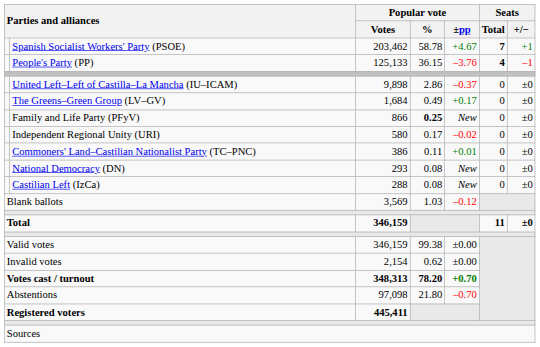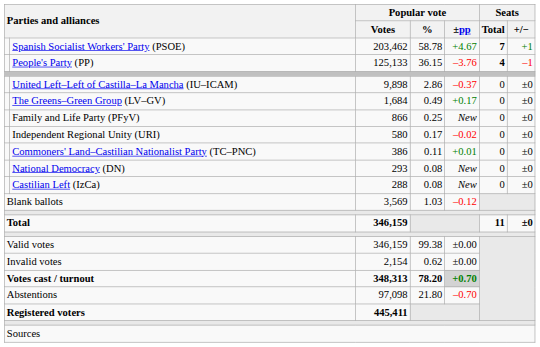 <table class="wikitable" style="text-align:right;">
 <tr>
 <th style="text-align:left;" rowspan="2" colspan="2" width="525">Parties and alliances</th>
 <th colspan="3">Popular vote</th>
 <th colspan="2">Seats</th>
 </tr>
 <tr>
 <th width="75">Votes</th>
 <th width="45">%</th>
 <th width="45">±<a href='#'>pp</a></th>
 <th width="35">Total</th>
 <th width="35">+/−</th>
 </tr>
 <tr>
 <td width="1" style="color:inherit;background:"></td>
 <td align="left"><a href='#'>Spanish Socialist Workers' Party</a> (PSOE)</td>
 <td>203,462</td>
 <td>58.78</td>
 <td style="color:green;">+4.67</td>
 <td><strong>7</strong></td>
 <td style="color:green;">+1</td>
 </tr>
 <tr>
 <td style="color:inherit;background:"></td>
 <td align="left"><a href='#'>People's Party</a> (PP)</td>
 <td>125,133</td>
 <td>36.15</td>
 <td style="color:red;">–3.76</td>
 <td><strong>4</strong></td>
 <td style="color:red;">–1</td>
 </tr>
 <tr>
 <td colspan="7" bgcolor="#C0C0C0"></td>
 </tr>
 <tr>
 <td style="color:inherit;background:"></td>
 <td align="left"><a href='#'>United Left–Left of Castilla–La Mancha</a> (IU–ICAM)</td>
 <td>9,898</td>
 <td>2.86</td>
 <td style="color:red;">–0.37</td>
 <td>0</td>
 <td>±0</td>
 </tr>
 <tr>
 <td style="color:inherit;background:"></td>
 <td align="left"><a href='#'>The Greens–Green Group</a> (LV–GV)</td>
 <td>1,684</td>
 <td>0.49</td>
 <td style="color:green;">+0.17</td>
 <td>0</td>
 <td>±0</td>
 </tr>
 <tr>
 <td style="color:inherit;background:"></td>
 <td align="left">Family and Life Party (PFyV)</td>
 <td>866</td>
-<td><strong>0.25</strong></td>
+<td>0.25</td>
 <td><em>New</em></td>
 <td>0</td>
 <td>±0</td>
 </tr>
 <tr>
 <td style="color:inherit;background:"></td>
 <td align="left">Independent Regional Unity (URI)</td>
 <td>580</td>
 <td>0.17</td>
 <td style="color:red;">–0.02</td>
 <td>0</td>
 <td>±0</td>
 </tr>
 <tr>
 <td style="color:inherit;background:"></td>
 <td align="left"><a href='#'>Commoners' Land–Castilian Nationalist Party</a> (TC–PNC)</td>
 <td>386</td>
 <td>0.11</td>
 <td style="color:green;">+0.01</td>
 <td>0</td>
 <td>±0</td>
 </tr>
 <tr>
 <td style="color:inherit;background:"></td>
 <td align="left"><a href='#'>National Democracy</a> (DN)</td>
 <td>293</td>
 <td>0.08</td>
 <td><em>New</em></td>
 <td>0</td>
 <td>±0</td>
 </tr>
 <tr>
 <td style="color:inherit;background:"></td>
 <td align="left"><a href='#'>Castilian Left</a> (IzCa)</td>
 <td>288</td>
 <td>0.08</td>
 <td><em>New</em></td>
 <td>0</td>
 <td>±0</td>
 </tr>
 <tr>
 <td align="left" colspan="2">Blank ballots</td>
 <td>3,569</td>
 <td>1.03</td>
 <td style="color:red;">–0.12</td>
 <td bgcolor="#E9E9E9" colspan="2"></td>
 </tr>
 <tr>
 <td colspan="7" bgcolor="#E9E9E9"></td>
 </tr>
 <tr style="font-weight:bold;">
 <td align="left" colspan="2">Total</td>
 <td>346,159</td>
 <td bgcolor="#E9E9E9" colspan="2"></td>
 <td>11</td>
 <td>±0</td>
 </tr>
 <tr>
 <td colspan="7" bgcolor="#E9E9E9"></td>
 </tr>
 <tr>
 <td align="left" colspan="2">Valid votes</td>
 <td>346,159</td>
 <td>99.38</td>
 <td>±0.00</td>
 <td bgcolor="#E9E9E9" colspan="2" rowspan="5"></td>
 </tr>
 <tr>
 <td align="left" colspan="2">Invalid votes</td>
 <td>2,154</td>
 <td>0.62</td>
 <td>±0.00</td>
 </tr>
 <tr style="font-weight:bold;">
 <td align="left" colspan="2">Votes cast / turnout</td>
 <td>348,313</td>
 <td>78.20</td>
-<td style="color:green;">+0.70</td>
+<td style="background: lightgrey; color:green;">+0.70</td>
 </tr>
 <tr>
 <td align="left" colspan="2">Abstentions</td>
 <td>97,098</td>
 <td>21.80</td>
 <td style="color:red;">–0.70</td>
 </tr>
 <tr style="font-weight:bold;">
 <td align="left" colspan="2">Registered voters</td>
 <td>445,411</td>
 <td bgcolor="#E9E9E9" colspan="2"></td>
 </tr>
 <tr>
 <td colspan="7" bgcolor="#E9E9E9"></td>
 </tr>
 <tr>
 <td align="left" colspan="7">Sources</td>
 </tr>
 </table>
